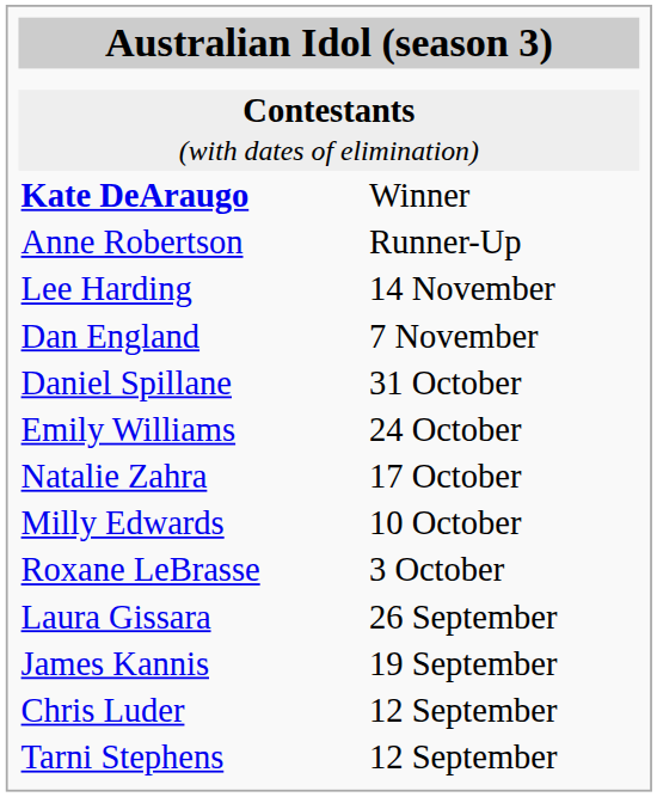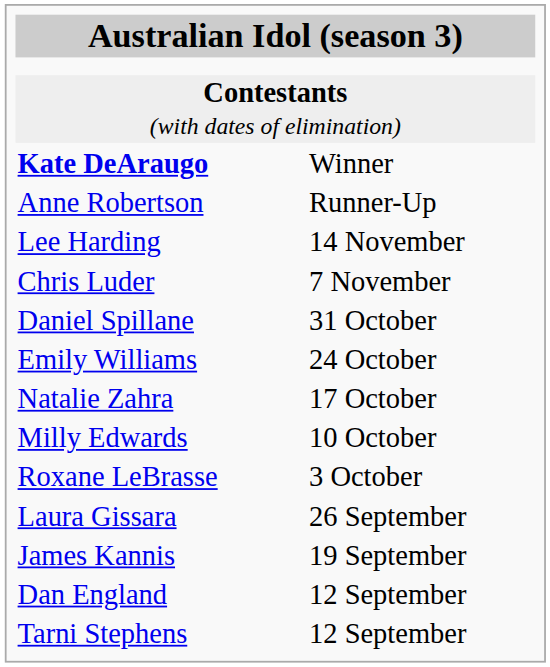 <table class=infobox style=width:19em>
 <tr>
 <td colspan="2" style="background:#ccc; text-align:center;"><big><strong>Australian Idol (season 3)</strong></big></td>
 </tr>
 <tr>
 <td colspan="2" style="text-align:center;"></td>
 </tr>
 <tr>
 <td colspan="2" style="text-align:center;"></td>
 </tr>
 <tr>
 <td colspan="2" style="background:#eee; text-align:center;"><strong>Contestants</strong><br><small><em>(with dates of elimination)</em></small></td>
 </tr>
 <tr>
 <td><strong><a href='#'>Kate DeAraugo</a></strong></td>
 <td>Winner</td>
 </tr>
 <tr>
 <td><a href='#'>Anne Robertson</a></td>
 <td>Runner-Up</td>
 </tr>
 <tr>
 <td><a href='#'>Lee Harding</a></td>
 <td>14 November</td>
 </tr>
 <tr>
-<td><a href='#'>Dan England</a></td>
+<td><a href='#'>Chris Luder</a></td>
 <td>7 November</td>
 </tr>
 <tr>
 <td><a href='#'>Daniel Spillane</a></td>
 <td>31 October</td>
 </tr>
 <tr>
 <td><a href='#'>Emily Williams</a></td>
 <td>24 October</td>
 </tr>
 <tr>
 <td><a href='#'>Natalie Zahra</a></td>
 <td>17 October</td>
 </tr>
 <tr>
 <td><a href='#'>Milly Edwards</a></td>
 <td>10 October</td>
 </tr>
 <tr>
 <td><a href='#'>Roxane LeBrasse</a></td>
 <td>3 October</td>
 </tr>
 <tr>
 <td><a href='#'>Laura Gissara</a></td>
 <td>26 September</td>
 </tr>
 <tr>
 <td><a href='#'>James Kannis</a></td>
 <td>19 September</td>
 </tr>
 <tr>
-<td><a href='#'>Chris Luder</a></td>
+<td><a href='#'>Dan England</a></td>
 <td>12 September</td>
 </tr>
 <tr>
 <td><a href='#'>Tarni Stephens</a></td>
 <td>12 September</td>
 </tr>
 </table>
